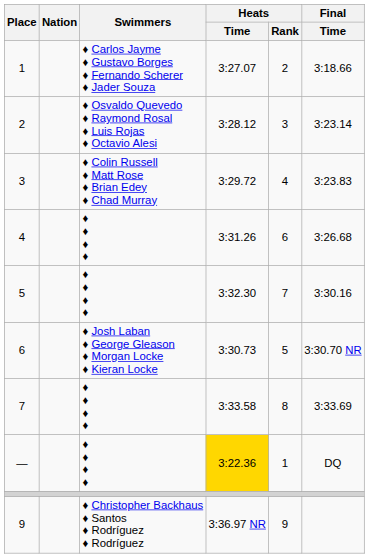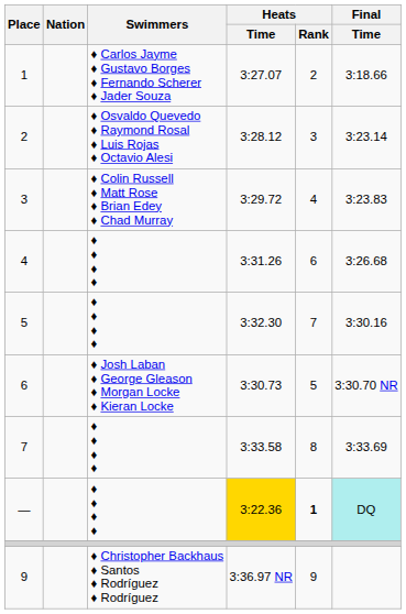 <table class="wikitable" style="text-align:center;">
 <tr>
 <th rowspan="2">Place</th>
 <th rowspan="2">Nation</th>
 <th rowspan="2">Swimmers</th>
 <th colspan="2">Heats</th>
 <th>Final</th>
 </tr>
 <tr>
 <th>Time</th>
 <th>Rank</th>
 <th>Time</th>
 </tr>
 <tr>
 <td>1</td>
 <td align=left></td>
 <td align=left>♦ <a href='#'>Carlos Jayme</a><br>♦ <a href='#'>Gustavo Borges</a><br>♦ <a href='#'>Fernando Scherer</a><br>♦ <a href='#'>Jader Souza</a></td>
 <td>3:27.07</td>
 <td>2</td>
 <td>3:18.66</td>
 </tr>
 <tr>
 <td>2</td>
 <td align=left></td>
 <td align=left>♦ <a href='#'>Osvaldo Quevedo</a><br>♦ <a href='#'>Raymond Rosal</a><br>♦ <a href='#'>Luis Rojas</a><br>♦ <a href='#'>Octavio Alesi</a></td>
 <td>3:28.12</td>
 <td>3</td>
 <td>3:23.14</td>
 </tr>
 <tr>
 <td>3</td>
 <td align=left></td>
 <td align=left>♦ <a href='#'>Colin Russell</a><br>♦ <a href='#'>Matt Rose</a><br>♦ <a href='#'>Brian Edey</a><br>♦ <a href='#'>Chad Murray</a></td>
 <td>3:29.72</td>
 <td>4</td>
 <td>3:23.83</td>
 </tr>
 <tr>
 <td>4</td>
 <td align=left></td>
 <td align=left>♦ <br>♦ <br>♦ <br>♦</td>
 <td>3:31.26</td>
 <td>6</td>
 <td>3:26.68</td>
 </tr>
 <tr>
 <td>5</td>
 <td align=left></td>
 <td align=left>♦ <br>♦ <br>♦ <br>♦</td>
 <td>3:32.30</td>
 <td>7</td>
 <td>3:30.16</td>
 </tr>
 <tr>
 <td>6</td>
 <td align=left></td>
 <td align=left>♦ <a href='#'>Josh Laban</a><br>♦ <a href='#'>George Gleason</a><br>♦ <a href='#'>Morgan Locke</a><br>♦ <a href='#'>Kieran Locke</a></td>
 <td>3:30.73</td>
 <td>5</td>
 <td>3:30.70 <a href='#'>NR</a></td>
 </tr>
 <tr>
 <td>7</td>
 <td align=left></td>
 <td align=left>♦ <br>♦ <br>♦ <br>♦</td>
 <td>3:33.58</td>
 <td>8</td>
 <td>3:33.69</td>
 </tr>
 <tr>
 <td>—</td>
 <td align=left></td>
 <td align=left>♦ <br>♦ <br>♦ <br>♦</td>
 <td style="background: gold;">3:22.36</td>
-<td>1</td>
-<td>DQ</td>
+<td><strong>1</strong></td>
+<td style="background: paleturquoise;">DQ</td>
 </tr>
 <tr>
 <td colspan=6 bgcolor=lightgray></td>
 </tr>
 <tr>
 <td>9</td>
 <td align=left></td>
 <td align=left>♦ <a href='#'>Christopher Backhaus</a><br>♦ Santos <br>♦ Rodríguez <br>♦ Rodríguez</td>
 <td>3:36.97 <a href='#'>NR</a></td>
 <td>9</td>
 <td></td>
 </tr>
 </table>
